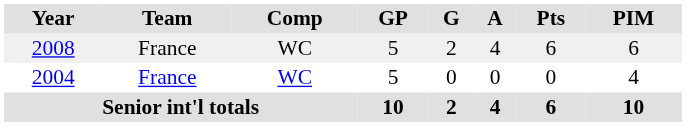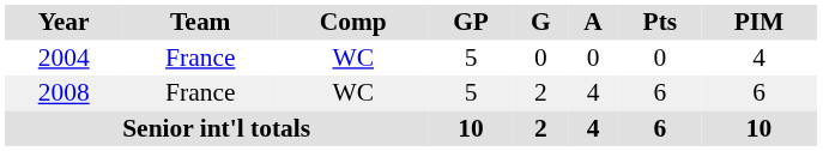 <table border="0" cellpadding="2" cellspacing="0" width=40%>
 <tr align="center" bgcolor="#e0e0e0">
 <th>Year</th>
 <th>Team</th>
 <th>Comp</th>
 <th>GP</th>
 <th>G</th>
 <th>A</th>
 <th>Pts</th>
 <th>PIM</th>
 </tr>
+<tr align="center">
+<td><a href='#'>2004</a></td>
+<td><a href='#'>France</a></td>
+<td><a href='#'>WC</a></td>
+<td>5</td>
+<td>0</td>
+<td>0</td>
+<td>0</td>
+<td>4</td>
+</tr>
 <tr align="center" bgcolor="#f0f0f0">
 <td><a href='#'>2008</a></td>
 <td>France</td>
 <td>WC</td>
 <td>5</td>
 <td>2</td>
 <td>4</td>
 <td>6</td>
 <td>6</td>
 </tr>
-<tr align="center">
-<td><a href='#'>2004</a></td>
-<td><a href='#'>France</a></td>
-<td><a href='#'>WC</a></td>
-<td>5</td>
-<td>0</td>
-<td>0</td>
-<td>0</td>
-<td>4</td>
-</tr>
 <tr bgcolor="#e0e0e0">
 <th colspan="3">Senior int'l totals</th>
 <th>10</th>
 <th>2</th>
 <th>4</th>
 <th>6</th>
 <th>10</th>
 </tr>
 </table>
